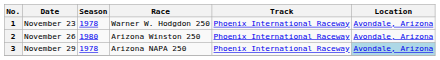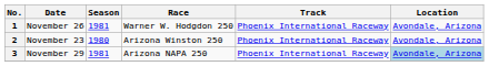 <table class="wikitable sortable">
 <tr>
 <th scope="col">No.</th>
 <th scope="col">Date</th>
 <th scope="col">Season</th>
 <th scope="col">Race</th>
 <th scope="col">Track</th>
 <th scope="col">Location</th>
 </tr>
 <tr>
 <th scope="row">1</th>
-<td>November 23</td>
-<td><a href='#'>1978</a></td>
+<td>November 26</td>
+<td><a href='#'>1981</a></td>
 <td>Warner W. Hodgdon 250</td>
 <td><a href='#'>Phoenix International Raceway</a></td>
 <td><a href='#'>Avondale, Arizona</a></td>
 </tr>
 <tr>
 <th scope="row">2</th>
-<td>November 26</td>
+<td>November 23</td>
 <td><a href='#'>1980</a></td>
 <td>Arizona Winston 250</td>
 <td><a href='#'>Phoenix International Raceway</a></td>
 <td><a href='#'>Avondale, Arizona</a></td>
 </tr>
 <tr>
 <th scope="row">3</th>
 <td>November 29</td>
-<td><a href='#'>1978</a></td>
+<td><a href='#'>1981</a></td>
 <td>Arizona NAPA 250</td>
 <td><a href='#'>Phoenix International Raceway</a></td>
 <td style="background: lightblue;"><a href='#'>Avondale, Arizona</a></td>
 </tr>
 <tr>
 </tr>
 </table>
